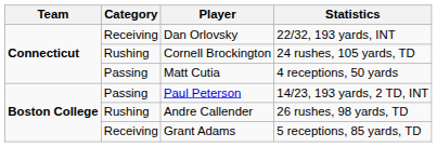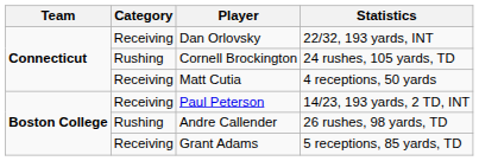 <table class="wikitable" style="float: right;">
 <tr>
 <th>Team</th>
 <th>Category</th>
 <th>Player</th>
 <th>Statistics</th>
 </tr>
 <tr>
 <td rowspan=3><strong>Connecticut</strong></td>
 <td>Receiving</td>
 <td>Dan Orlovsky</td>
 <td>22/32, 193 yards, INT</td>
 </tr>
 <tr>
 <td>Rushing</td>
 <td>Cornell Brockington</td>
 <td>24 rushes, 105 yards, TD</td>
 </tr>
 <tr>
-<td>Passing</td>
+<td>Receiving</td>
 <td>Matt Cutia</td>
 <td>4 receptions, 50 yards</td>
 </tr>
 <tr>
 <td rowspan=3><strong>Boston College</strong></td>
-<td>Passing</td>
+<td>Receiving</td>
 <td><a href='#'>Paul Peterson</a></td>
 <td>14/23, 193 yards, 2 TD, INT</td>
 </tr>
 <tr>
 <td>Rushing</td>
 <td>Andre Callender</td>
 <td>26 rushes, 98 yards, TD</td>
 </tr>
 <tr>
 <td>Receiving</td>
 <td>Grant Adams</td>
 <td>5 receptions, 85 yards, TD</td>
 </tr>
 </table>
